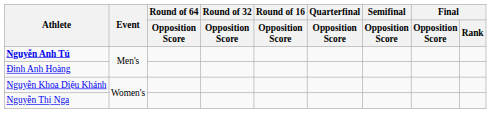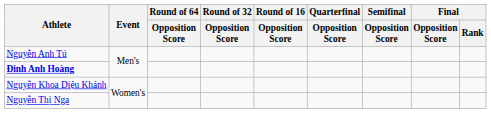 <table class=wikitable style=font-size:90%;text-align:center>
 <tr>
 <th rowspan="2">Athlete</th>
 <th rowspan="2">Event</th>
 <th>Round of 64</th>
 <th>Round of 32</th>
 <th>Round of 16</th>
 <th>Quarterfinal</th>
 <th>Semifinal</th>
 <th colspan="2">Final</th>
 </tr>
 <tr>
 <th>Opposition<br>Score</th>
 <th>Opposition<br>Score</th>
 <th>Opposition<br>Score</th>
 <th>Opposition<br>Score</th>
 <th>Opposition<br>Score</th>
 <th>Opposition<br>Score</th>
 <th>Rank</th>
 </tr>
 <tr>
-<td align=left><strong><a href='#'>Nguyễn Anh Tú</a></strong></td>
+<td align=left><a href='#'>Nguyễn Anh Tú</a></td>
 <td rowspan="2">Men's</td>
 <td></td>
 <td></td>
 <td></td>
 <td></td>
 <td></td>
 <td></td>
 <td></td>
 </tr>
 <tr>
-<td align=left><a href='#'>Đinh Anh Hoàng</a></td>
+<td align=left><strong><a href='#'>Đinh Anh Hoàng</a></strong></td>
 <td></td>
 <td></td>
 <td></td>
 <td></td>
 <td></td>
 <td></td>
 <td></td>
 </tr>
 <tr>
 <td align=left><a href='#'>Nguyễn Khoa Diệu Khánh</a></td>
 <td rowspan="2">Women's</td>
 <td></td>
 <td></td>
 <td></td>
 <td></td>
 <td></td>
 <td></td>
 <td></td>
 </tr>
 <tr>
 <td align=left><a href='#'>Nguyễn Thị Nga</a></td>
 <td></td>
 <td></td>
 <td></td>
 <td></td>
 <td></td>
 <td></td>
 <td></td>
 </tr>
 </table>
